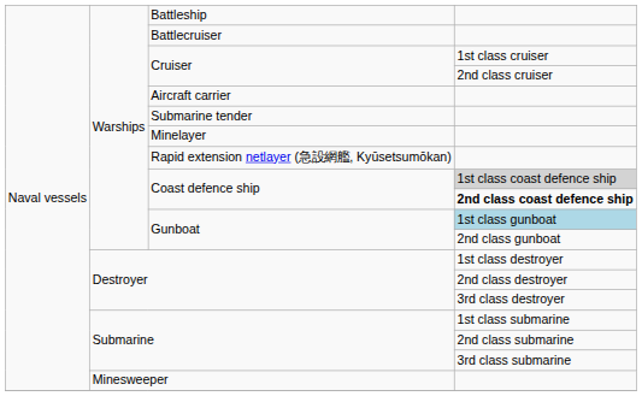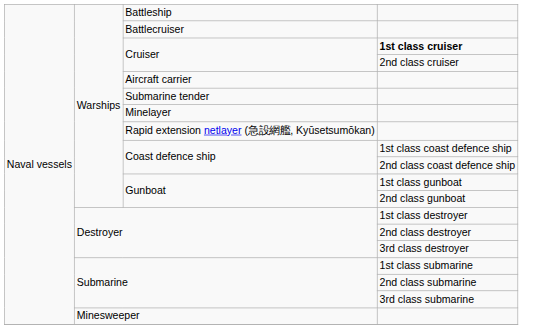 <table class="wikitable">
 <tr>
 <td rowspan="19">Naval vessels</td>
 <td rowspan="12">Warships</td>
 <td>Battleship</td>
 <td></td>
 </tr>
 <tr>
 <td>Battlecruiser</td>
 <td></td>
 </tr>
 <tr>
 <td rowspan="2">Cruiser</td>
-<td>1st class cruiser</td>
+<td><strong>1st class cruiser</strong></td>
 </tr>
 <tr>
 <td>2nd class cruiser</td>
 </tr>
 <tr>
 <td>Aircraft carrier</td>
 <td></td>
 </tr>
 <tr>
 <td>Submarine tender</td>
 <td></td>
 </tr>
 <tr>
 <td>Minelayer</td>
 <td></td>
 </tr>
 <tr>
 <td>Rapid extension <a href='#'>netlayer</a> (急設網艦, Kyūsetsumōkan)</td>
 <td></td>
 </tr>
 <tr>
 <td rowspan="2">Coast defence ship</td>
-<td style="background: lightgrey;">1st class coast defence ship</td>
+<td>1st class coast defence ship</td>
 </tr>
 <tr>
-<td><strong>2nd class coast defence ship</strong></td>
+<td>2nd class coast defence ship</td>
 </tr>
 <tr>
 <td rowspan="2">Gunboat</td>
-<td style="background: lightblue;">1st class gunboat</td>
+<td>1st class gunboat</td>
 </tr>
 <tr>
 <td>2nd class gunboat</td>
 </tr>
 <tr>
 <td colspan="2" rowspan="3">Destroyer</td>
 <td>1st class destroyer</td>
 </tr>
 <tr>
 <td>2nd class destroyer</td>
 </tr>
 <tr>
 <td>3rd class destroyer</td>
 </tr>
 <tr>
 <td rowspan="3" colspan="2">Submarine</td>
 <td>1st class submarine</td>
 </tr>
 <tr>
 <td>2nd class submarine</td>
 </tr>
 <tr>
 <td>3rd class submarine</td>
 </tr>
 <tr>
 <td colspan="2">Minesweeper</td>
 <td></td>
 </tr>
 <tr>
 </tr>
 </table>
